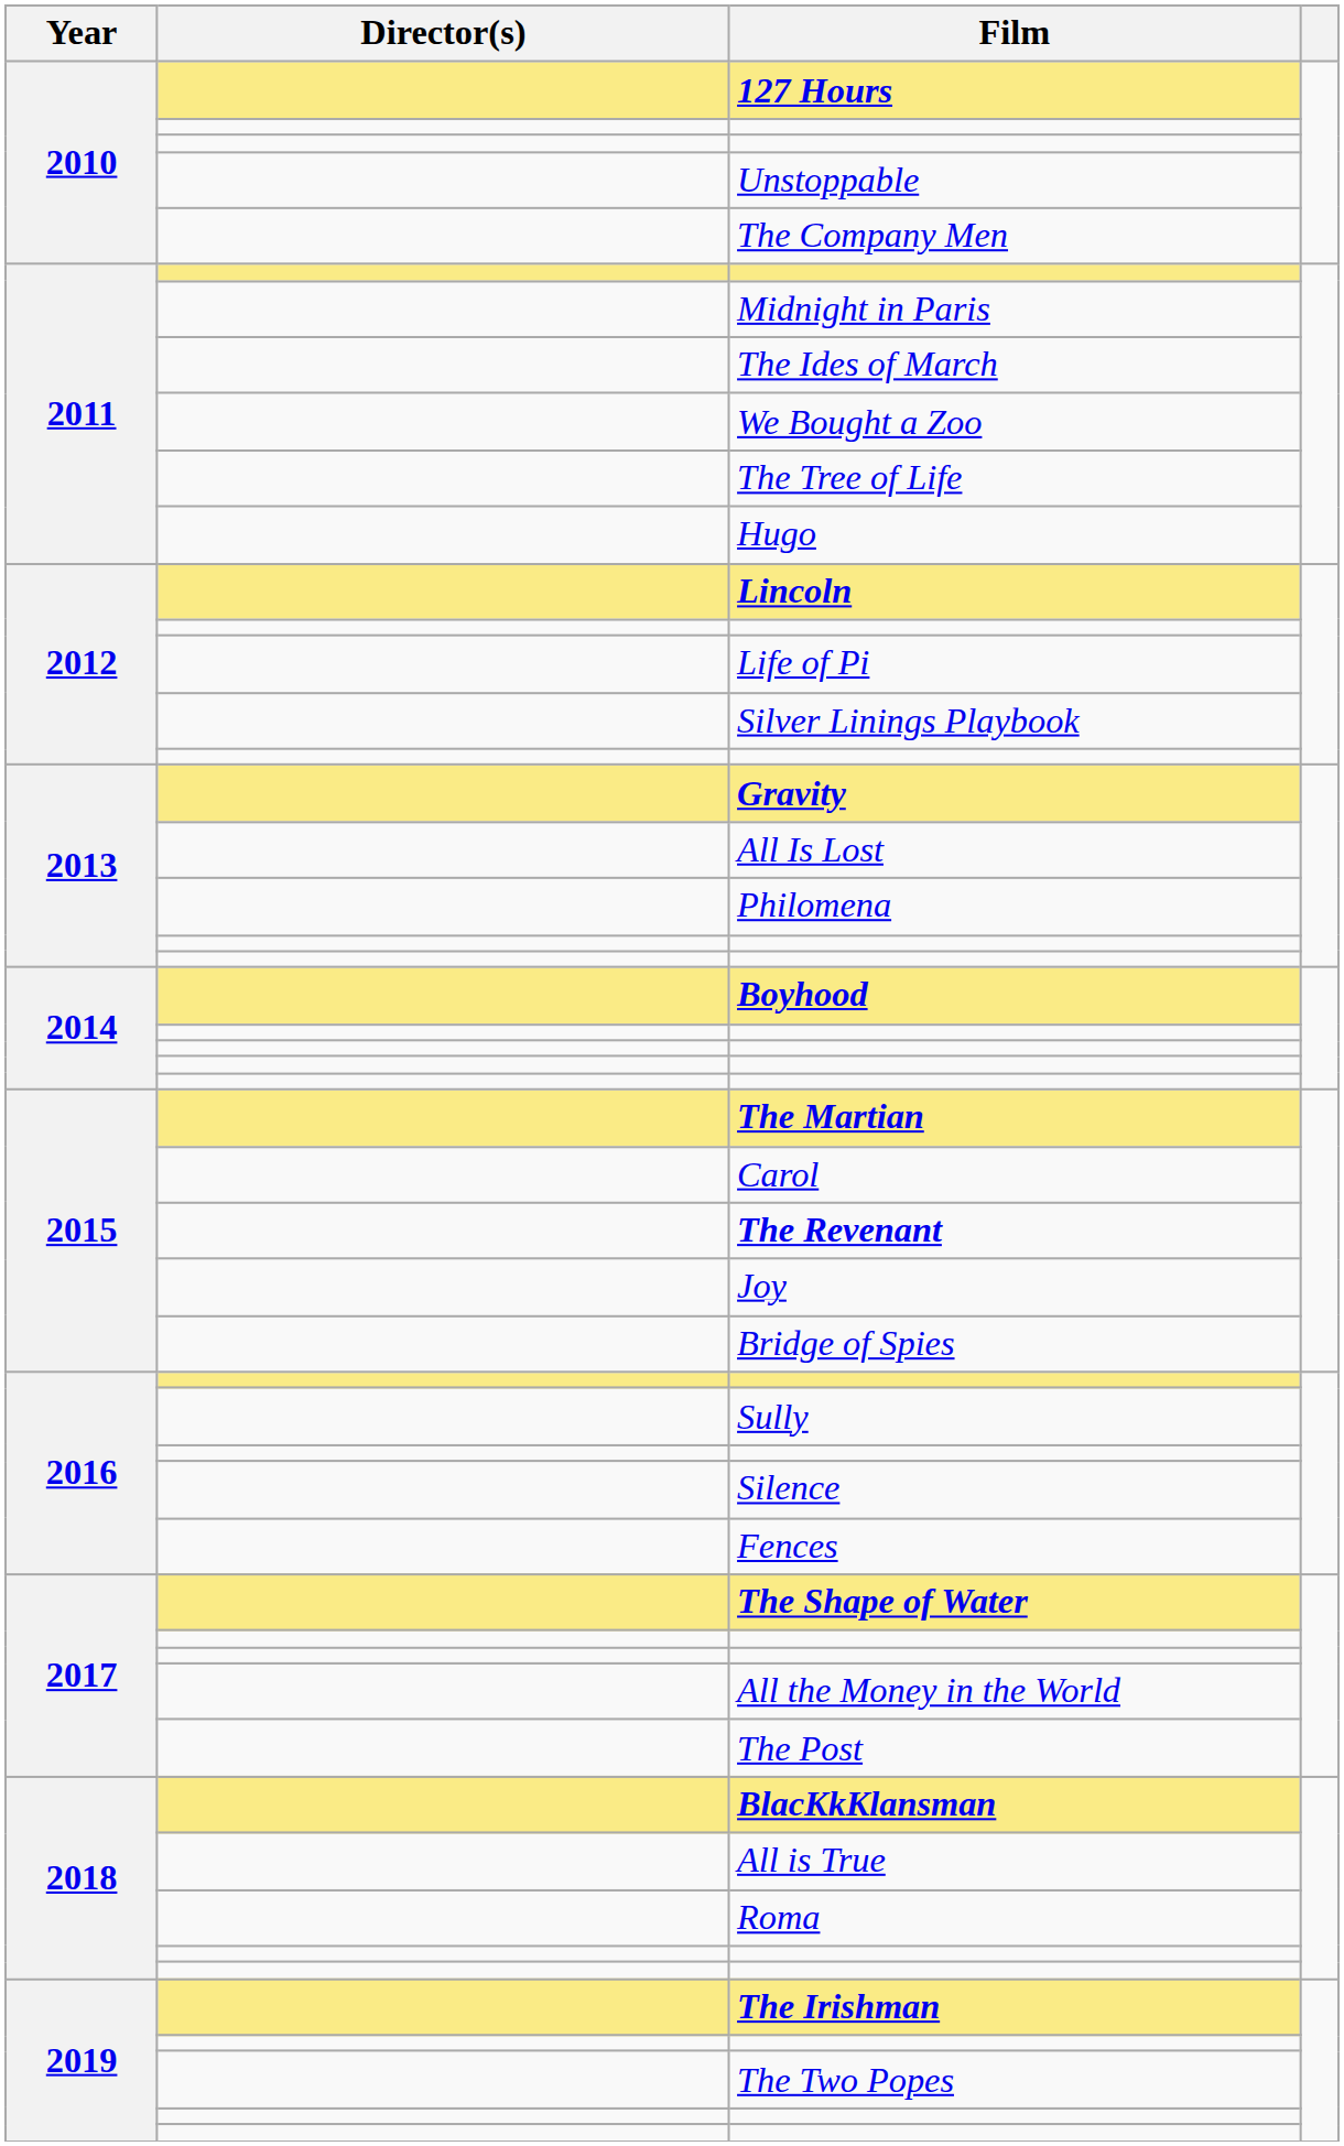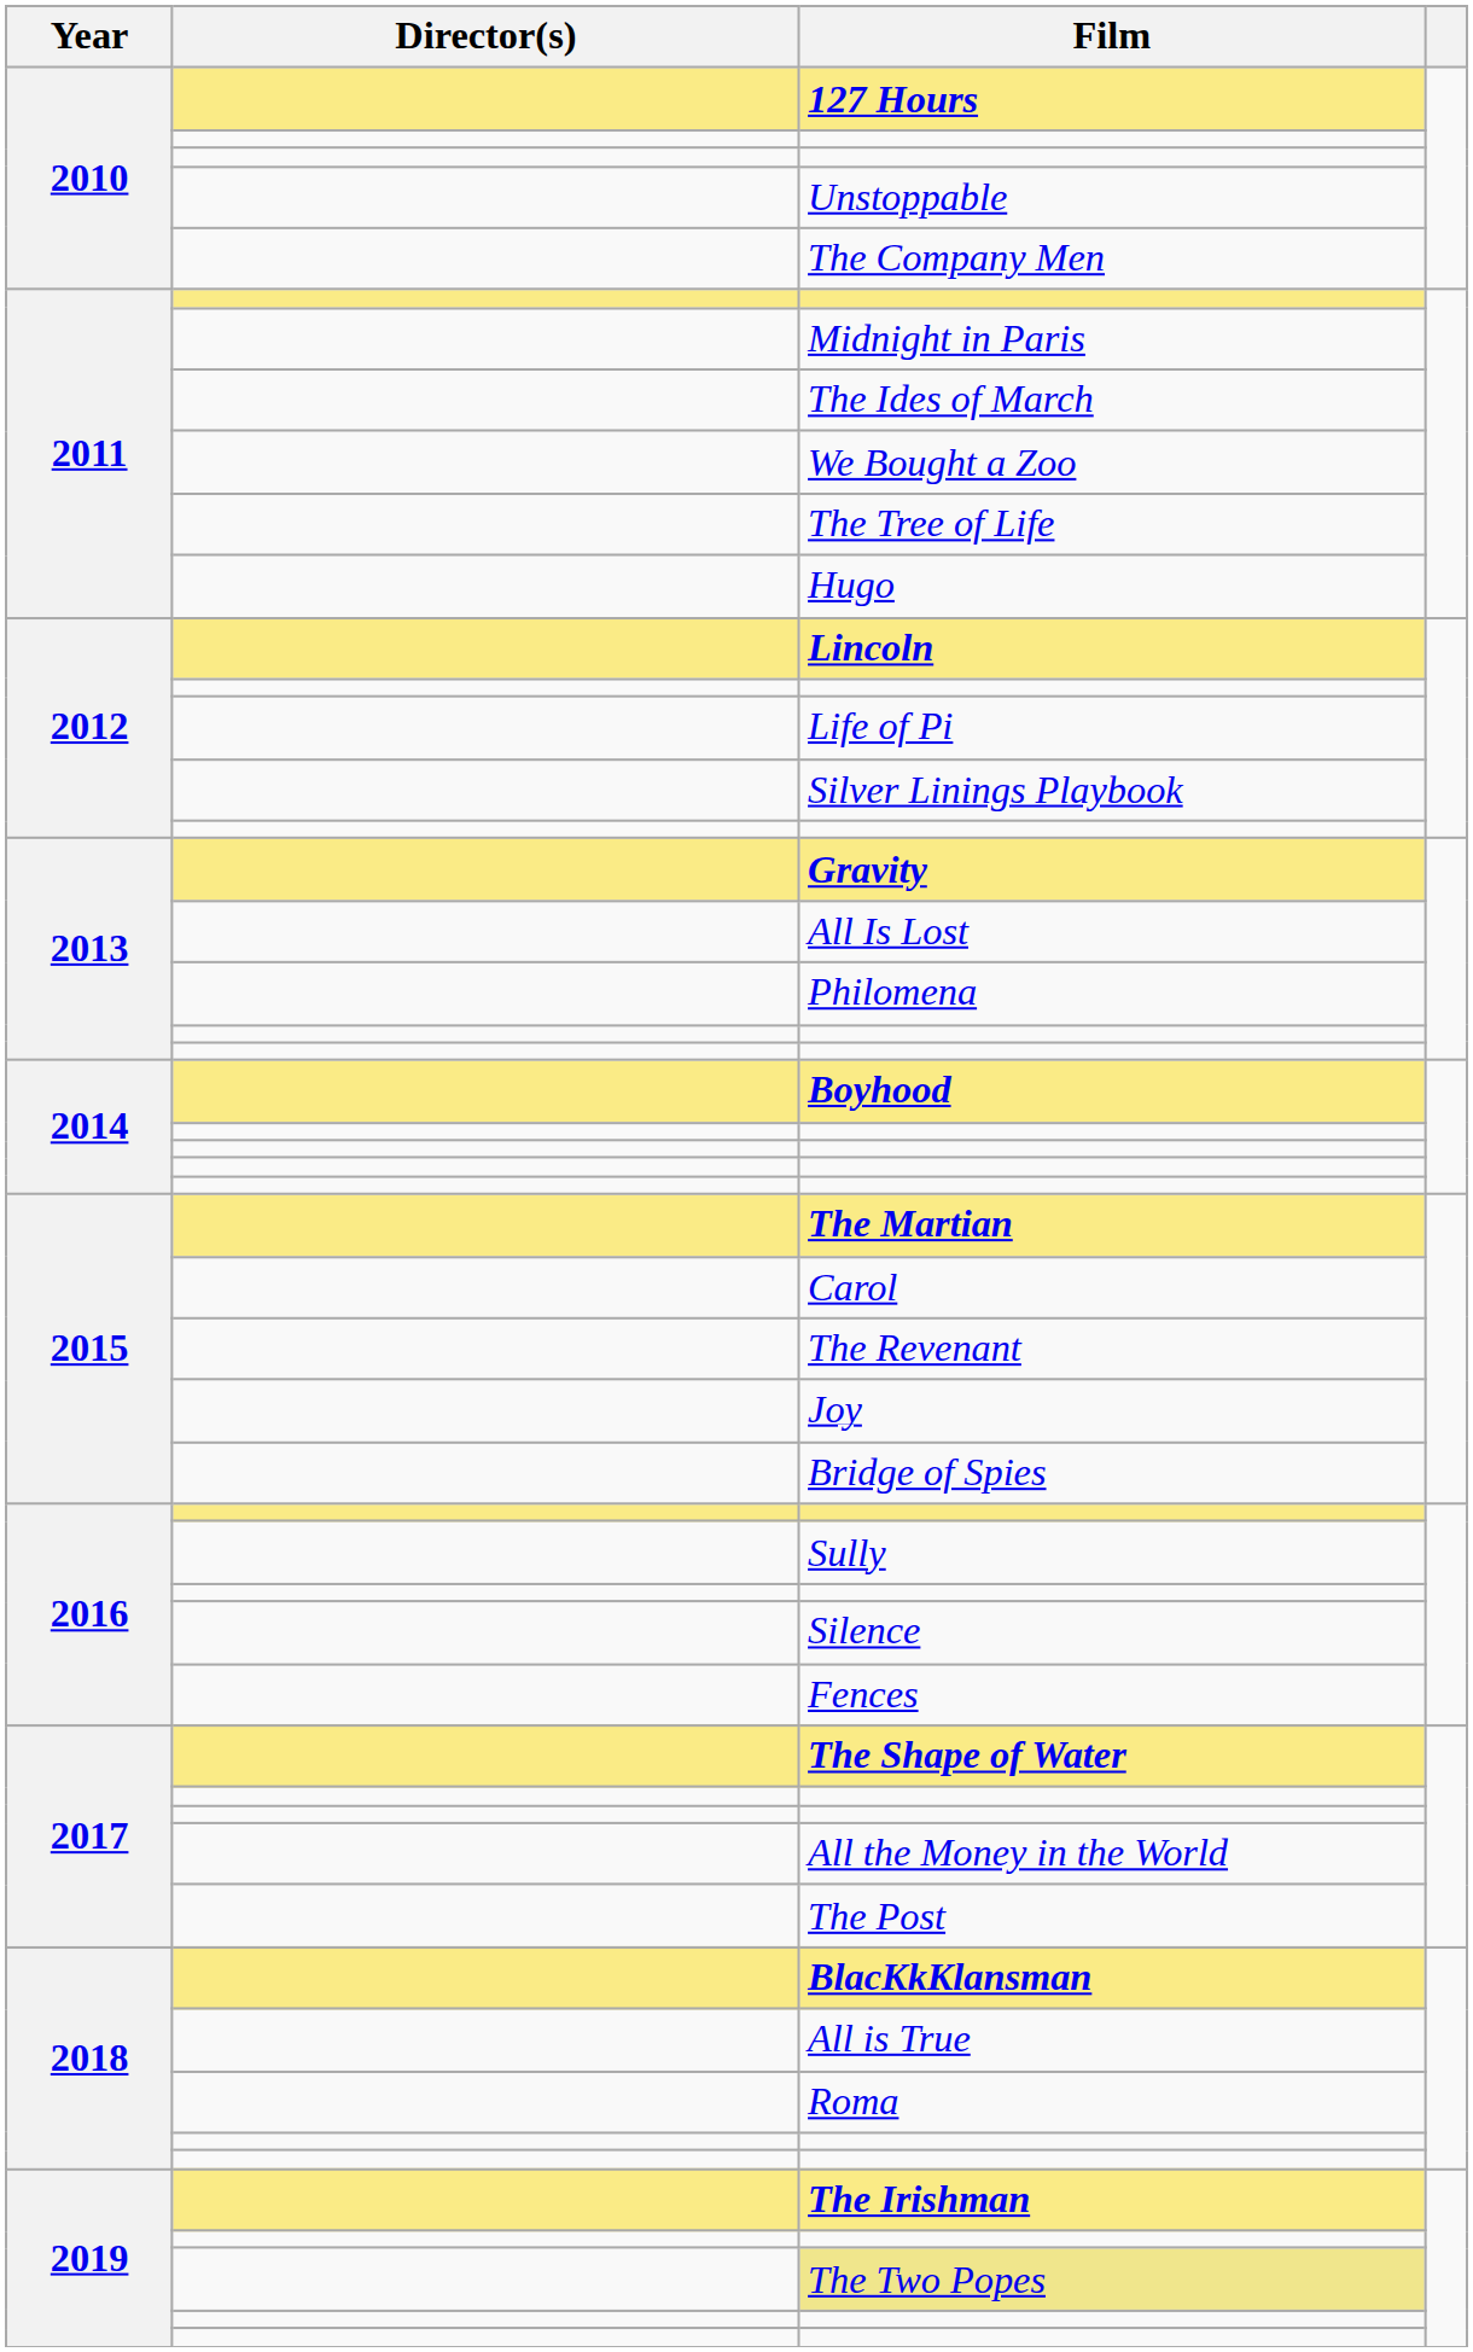 <table class="wikitable">
 <tr>
 <th scope="col" style="width:8%;">Year</th>
 <th scope="col" style="width:30%;">Director(s)</th>
 <th scope="col" style="width:30%;">Film</th>
 <th scope="col" style="width:2%;" class="unsortable"></th>
 </tr>
 <tr>
 <th scope="row" rowspan=5 style="text-align:center;"><a href='#'>2010</a><br></th>
 <td style="background:#FAEB86;"><strong></strong></td>
 <td style="background:#FAEB86;"><strong><em><a href='#'>127 Hours</a></em></strong></td>
 <td rowspan="5"></td>
 </tr>
 <tr>
 <td></td>
 <td></td>
 </tr>
 <tr>
 <td></td>
 <td></td>
 </tr>
 <tr>
 <td></td>
 <td><em><a href='#'>Unstoppable</a></em></td>
 </tr>
 <tr>
 <td></td>
 <td><em><a href='#'>The Company Men</a></em></td>
 </tr>
 <tr>
 <th scope="row" rowspan=6 style="text-align:center;"><a href='#'>2011</a><br></th>
 <td style="background:#FAEB86;"><strong></strong></td>
 <td style="background:#FAEB86;"><strong></strong></td>
 <td rowspan="6"></td>
 </tr>
 <tr>
 <td></td>
 <td><em><a href='#'>Midnight in Paris</a></em></td>
 </tr>
 <tr>
 <td></td>
 <td><em><a href='#'>The Ides of March</a></em></td>
 </tr>
 <tr>
 <td></td>
 <td><em><a href='#'>We Bought a Zoo</a></em></td>
 </tr>
 <tr>
 <td></td>
 <td><em><a href='#'>The Tree of Life</a></em></td>
 </tr>
 <tr>
 <td></td>
 <td><em><a href='#'>Hugo</a></em></td>
 </tr>
 <tr>
 <th scope="row" rowspan=5 style="text-align:center;"><a href='#'>2012</a><br></th>
 <td style="background:#FAEB86;"><strong></strong></td>
 <td style="background:#FAEB86;"><strong><em><a href='#'>Lincoln</a></em></strong></td>
 <td rowspan="5"></td>
 </tr>
 <tr>
 <td></td>
 <td></td>
 </tr>
 <tr>
 <td></td>
 <td><em><a href='#'>Life of Pi</a></em></td>
 </tr>
 <tr>
 <td></td>
 <td><em><a href='#'>Silver Linings Playbook</a></em></td>
 </tr>
 <tr>
 <td></td>
 <td></td>
 </tr>
 <tr>
 <th scope="row" rowspan=5 style="text-align:center;"><a href='#'>2013</a><br></th>
 <td style="background:#FAEB86;"><strong></strong></td>
 <td style="background:#FAEB86;"><strong><em><a href='#'>Gravity</a></em></strong></td>
 <td rowspan="5"></td>
 </tr>
 <tr>
 <td></td>
 <td><em><a href='#'>All Is Lost</a></em></td>
 </tr>
 <tr>
 <td></td>
 <td><em><a href='#'>Philomena</a></em></td>
 </tr>
 <tr>
 <td></td>
 <td></td>
 </tr>
 <tr>
 <td></td>
 <td></td>
 </tr>
 <tr>
 <th scope="row" rowspan=5 style="text-align:center;"><a href='#'>2014</a><br></th>
 <td style="background:#FAEB86;"><strong></strong></td>
 <td style="background:#FAEB86;"><strong><em><a href='#'>Boyhood</a></em></strong></td>
 <td rowspan="5"></td>
 </tr>
 <tr>
 <td></td>
 <td></td>
 </tr>
 <tr>
 <td></td>
 <td></td>
 </tr>
 <tr>
 <td></td>
 <td></td>
 </tr>
 <tr>
 <td></td>
 <td></td>
 </tr>
 <tr>
 <th scope="row" rowspan=5 style="text-align:center;"><a href='#'>2015</a><br></th>
 <td style="background:#FAEB86;"><strong></strong></td>
 <td style="background:#FAEB86;"><strong><em><a href='#'>The Martian</a></em></strong></td>
 <td rowspan="5"></td>
 </tr>
 <tr>
 <td></td>
 <td><em><a href='#'>Carol</a></em></td>
 </tr>
 <tr>
 <td></td>
-<td><strong><em><a href='#'>The Revenant</a></em></strong></td>
+<td><em><a href='#'>The Revenant</a></em></td>
 </tr>
 <tr>
 <td></td>
 <td><em><a href='#'>Joy</a></em></td>
 </tr>
 <tr>
 <td></td>
 <td><em><a href='#'>Bridge of Spies</a></em></td>
 </tr>
 <tr>
 <th scope="row" rowspan=5 style="text-align:center;"><a href='#'>2016</a><br></th>
 <td style="background:#FAEB86;"><strong></strong></td>
 <td style="background:#FAEB86;"><strong></strong></td>
 <td rowspan="5"></td>
 </tr>
 <tr>
 <td></td>
 <td><em><a href='#'>Sully</a></em></td>
 </tr>
 <tr>
 <td></td>
 <td></td>
 </tr>
 <tr>
 <td></td>
 <td><em><a href='#'>Silence</a></em></td>
 </tr>
 <tr>
 <td></td>
 <td><em><a href='#'>Fences</a></em></td>
 </tr>
 <tr>
 <th scope="row" rowspan=5 style="text-align:center;"><a href='#'>2017</a><br></th>
 <td style="background:#FAEB86;"><strong></strong></td>
 <td style="background:#FAEB86;"><strong><em><a href='#'>The Shape of Water</a></em></strong></td>
 <td rowspan="5"></td>
 </tr>
 <tr>
 <td></td>
 <td></td>
 </tr>
 <tr>
 <td></td>
 <td></td>
 </tr>
 <tr>
 <td></td>
 <td><em><a href='#'>All the Money in the World</a></em></td>
 </tr>
 <tr>
 <td></td>
 <td><em><a href='#'>The Post</a></em></td>
 </tr>
 <tr>
 <th scope="row" rowspan=5 style="text-align:center;"><a href='#'>2018</a><br></th>
 <td style="background:#FAEB86;"><strong></strong></td>
 <td style="background:#FAEB86;"><strong><em><a href='#'>BlacKkKlansman</a></em></strong></td>
 <td rowspan="5"></td>
 </tr>
 <tr>
 <td></td>
 <td><em><a href='#'>All is True</a></em></td>
 </tr>
 <tr>
 <td></td>
 <td><em><a href='#'>Roma</a></em></td>
 </tr>
 <tr>
 <td></td>
 <td></td>
 </tr>
 <tr>
 <td></td>
 <td></td>
 </tr>
 <tr>
 <th scope="row" rowspan=5 style="text-align:center;"><a href='#'>2019</a><br></th>
 <td style="background:#FAEB86;"><strong></strong></td>
 <td style="background:#FAEB86;"><strong><em><a href='#'>The Irishman</a></em></strong></td>
 <td rowspan="5"></td>
 </tr>
 <tr>
 <td></td>
 <td></td>
 </tr>
 <tr>
 <td></td>
-<td><em><a href='#'>The Two Popes</a></em></td>
+<td style="background: khaki;"><em><a href='#'>The Two Popes</a></em></td>
 </tr>
 <tr>
 <td></td>
 <td></td>
 </tr>
 <tr>
 <td></td>
 <td></td>
 </tr>
 <tr>
 </tr>
 </table>
